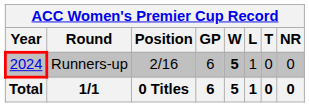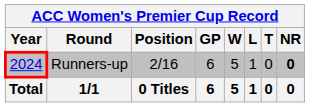 <table class="wikitable" style="text-align: center; width=900px;">
 <tr>
 <th colspan="8"><a href='#'>ACC Women's Premier Cup Record</a></th>
 </tr>
 <tr>
 <th>Year</th>
 <th>Round</th>
 <th>Position</th>
 <th>GP</th>
 <th>W</th>
 <th>L</th>
 <th>T</th>
 <th>NR</th>
 </tr>
 <tr bgcolor=silver>
 <td style="border: 3px solid red"><a href='#'>2024</a> </td>
 <td>Runners-up</td>
 <td>2/16</td>
 <td>6</td>
-<td><strong>5</strong></td>
+<td>5</td>
 <td>1</td>
 <td>0</td>
-<td>0</td>
+<td><strong>0</strong></td>
 </tr>
 <tr>
 <th>Total</th>
 <th>1/1</th>
 <th>0 Titles</th>
 <th>6</th>
 <th>5</th>
 <th>1</th>
 <th>0</th>
 <th>0</th>
 </tr>
 </table>
